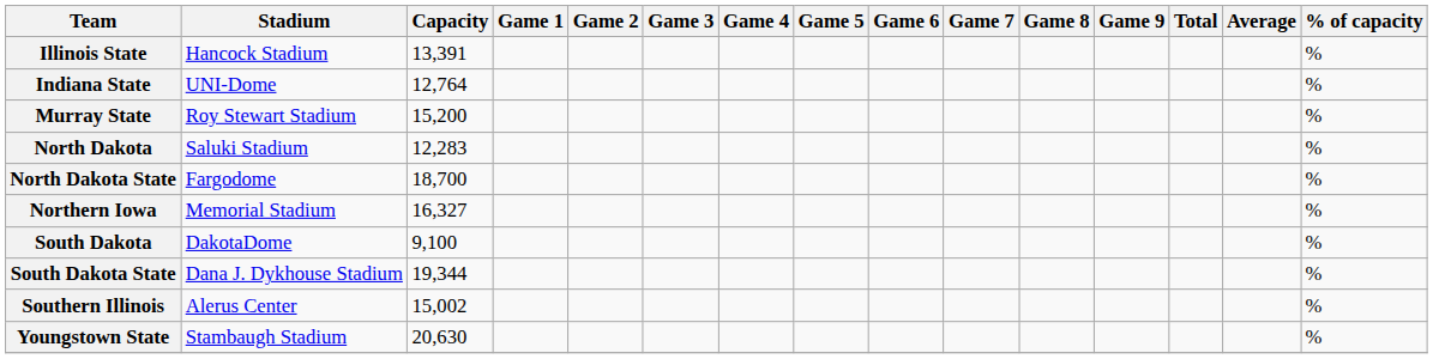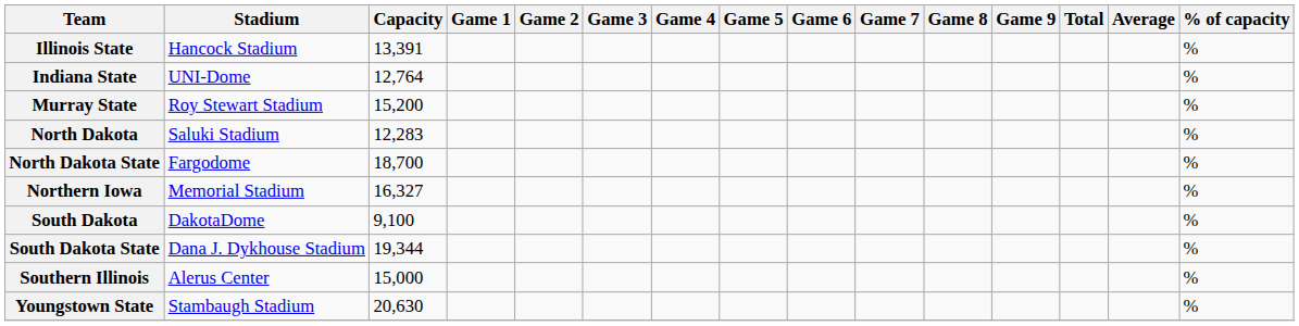 <table class="wikitable sortable">
 <tr>
 <th>Team</th>
 <th>Stadium</th>
 <th>Capacity</th>
 <th>Game 1</th>
 <th>Game 2</th>
 <th>Game 3</th>
 <th>Game 4</th>
 <th>Game 5</th>
 <th>Game 6</th>
 <th>Game 7</th>
 <th>Game 8</th>
 <th>Game 9</th>
 <th>Total</th>
 <th>Average</th>
 <th>% of capacity</th>
 </tr>
 <tr>
 <th>Illinois State</th>
 <td><a href='#'>Hancock Stadium</a></td>
 <td>13,391</td>
 <td></td>
 <td></td>
 <td></td>
 <td></td>
 <td></td>
 <td></td>
 <td></td>
 <td></td>
 <td></td>
 <td></td>
 <td></td>
 <td>%</td>
 </tr>
 <tr>
 <th>Indiana State</th>
 <td><a href='#'>UNI-Dome</a></td>
 <td>12,764</td>
 <td></td>
 <td></td>
 <td></td>
 <td></td>
 <td></td>
 <td></td>
 <td></td>
 <td></td>
 <td></td>
 <td></td>
 <td></td>
 <td>%</td>
 </tr>
 <tr>
 <th>Murray State</th>
 <td><a href='#'>Roy Stewart Stadium</a></td>
 <td>15,200</td>
 <td></td>
 <td></td>
 <td></td>
 <td></td>
 <td></td>
 <td></td>
 <td></td>
 <td></td>
 <td></td>
 <td></td>
 <td></td>
 <td>%</td>
 </tr>
 <tr>
 <th>North Dakota</th>
 <td><a href='#'>Saluki Stadium</a></td>
 <td>12,283</td>
 <td></td>
 <td></td>
 <td></td>
 <td></td>
 <td></td>
 <td></td>
 <td></td>
 <td></td>
 <td></td>
 <td></td>
 <td></td>
 <td>%</td>
 </tr>
 <tr>
 <th>North Dakota State</th>
 <td><a href='#'>Fargodome</a></td>
 <td>18,700</td>
 <td></td>
 <td></td>
 <td></td>
 <td></td>
 <td></td>
 <td></td>
 <td></td>
 <td></td>
 <td></td>
 <td></td>
 <td></td>
 <td>%</td>
 </tr>
 <tr>
 <th>Northern Iowa</th>
 <td><a href='#'>Memorial Stadium</a></td>
 <td>16,327</td>
 <td></td>
 <td></td>
 <td></td>
 <td></td>
 <td></td>
 <td></td>
 <td></td>
 <td></td>
 <td></td>
 <td></td>
 <td></td>
 <td>%</td>
 </tr>
 <tr>
 <th>South Dakota</th>
 <td><a href='#'>DakotaDome</a></td>
 <td>9,100</td>
 <td></td>
 <td></td>
 <td></td>
 <td></td>
 <td></td>
 <td></td>
 <td></td>
 <td></td>
 <td></td>
 <td></td>
 <td></td>
 <td>%</td>
 </tr>
 <tr>
 <th>South Dakota State</th>
 <td><a href='#'>Dana J. Dykhouse Stadium</a></td>
 <td>19,344</td>
 <td></td>
 <td></td>
 <td></td>
 <td></td>
 <td></td>
 <td></td>
 <td></td>
 <td></td>
 <td></td>
 <td></td>
 <td></td>
 <td>%</td>
 </tr>
 <tr>
 <th>Southern Illinois</th>
 <td><a href='#'>Alerus Center</a></td>
-<td>15,002</td>
+<td>15,000</td>
 <td></td>
 <td></td>
 <td></td>
 <td></td>
 <td></td>
 <td></td>
 <td></td>
 <td></td>
 <td></td>
 <td></td>
 <td></td>
 <td>%</td>
 </tr>
 <tr>
 <th>Youngstown State</th>
 <td><a href='#'>Stambaugh Stadium</a></td>
 <td>20,630</td>
 <td></td>
 <td></td>
 <td></td>
 <td></td>
 <td></td>
 <td></td>
 <td></td>
 <td></td>
 <td></td>
 <td></td>
 <td></td>
 <td>%</td>
 </tr>
 <tr>
 </tr>
 </table>
